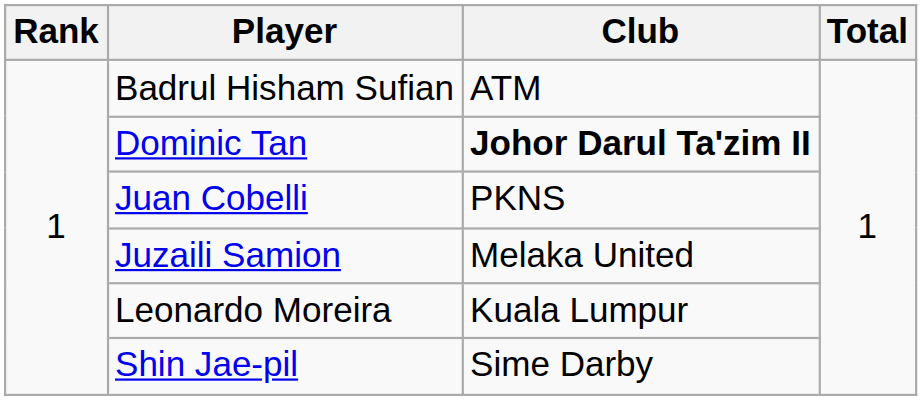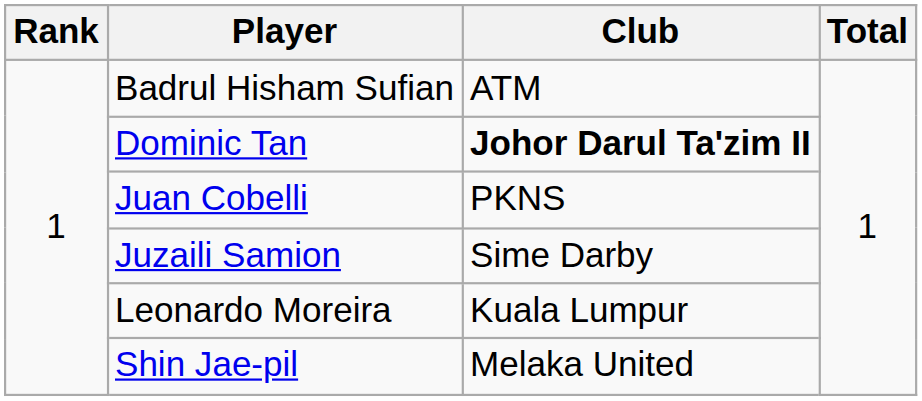 <table class="wikitable" style="text-align:center">
 <tr>
 <th>Rank</th>
 <th>Player</th>
 <th>Club</th>
 <th>Total</th>
 </tr>
 <tr>
 <td rowspan=6>1</td>
 <td align="left"> Badrul Hisham Sufian</td>
 <td align="left">ATM</td>
 <td rowspan=6>1</td>
 </tr>
 <tr>
 <td align="left"> <a href='#'>Dominic Tan</a></td>
 <td align="left"><strong>Johor Darul Ta'zim II</strong></td>
 </tr>
 <tr>
 <td align="left"> <a href='#'>Juan Cobelli</a></td>
 <td align="left">PKNS</td>
 </tr>
 <tr>
 <td align="left"> <a href='#'>Juzaili Samion</a></td>
-<td align="left">Melaka United</td>
+<td align="left">Sime Darby</td>
 </tr>
 <tr>
 <td align="left"> Leonardo Moreira</td>
 <td align="left">Kuala Lumpur</td>
 </tr>
 <tr>
 <td align="left"> <a href='#'>Shin Jae-pil</a></td>
-<td align="left">Sime Darby</td>
+<td align="left">Melaka United</td>
 </tr>
 </table>
